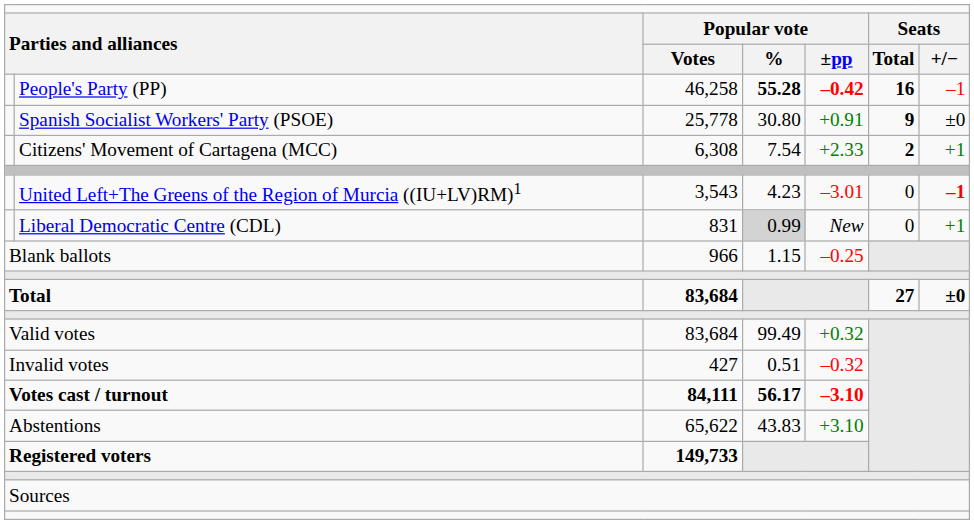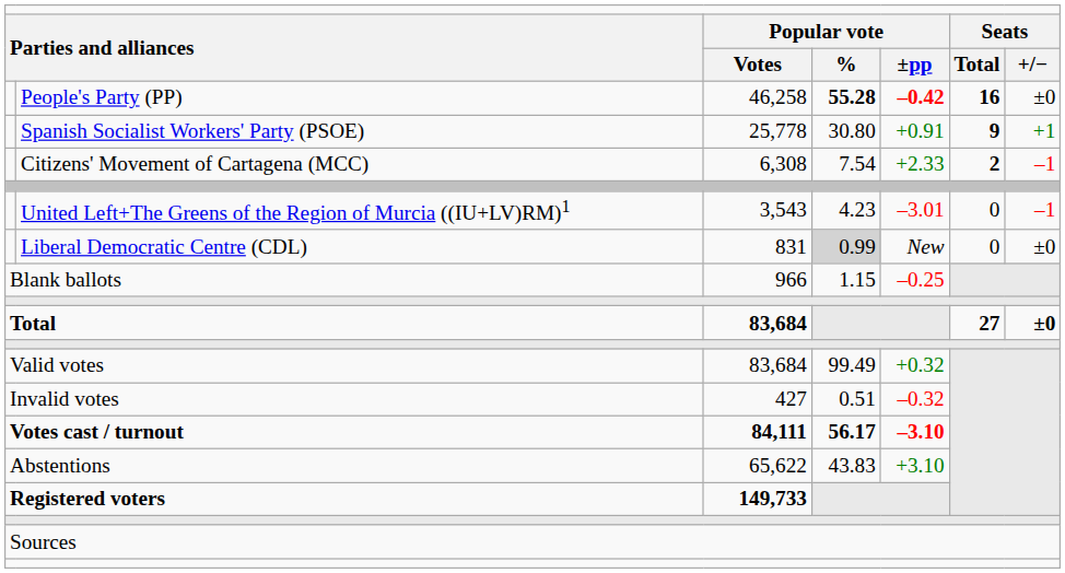 <table class="wikitable" style="text-align:right;">
 <tr>
 <td colspan="7"></td>
 </tr>
 <tr>
 <th style="text-align:left;" rowspan="2" colspan="2" width="525">Parties and alliances</th>
 <th colspan="3">Popular vote</th>
 <th colspan="2">Seats</th>
 </tr>
 <tr>
 <th width="75">Votes</th>
 <th width="45">%</th>
 <th width="45">±<a href='#'>pp</a></th>
 <th width="35">Total</th>
 <th width="35">+/−</th>
 </tr>
 <tr>
 <td width="1" style="color:inherit;background:"></td>
 <td align="left"><a href='#'>People's Party</a> (PP)</td>
 <td>46,258</td>
 <td><strong>55.28</strong></td>
 <td style="color:red;"><strong>–0.42</strong></td>
 <td><strong>16</strong></td>
-<td style="color:red;">–1</td>
+<td>±0</td>
 </tr>
 <tr>
 <td style="color:inherit;background:"></td>
 <td align="left"><a href='#'>Spanish Socialist Workers' Party</a> (PSOE)</td>
 <td>25,778</td>
 <td>30.80</td>
 <td style="color:green;">+0.91</td>
 <td><strong>9</strong></td>
-<td>±0</td>
+<td style="color:green;">+1</td>
 </tr>
 <tr>
 <td style="color:inherit;background:"></td>
 <td align="left">Citizens' Movement of Cartagena (MCC)</td>
 <td>6,308</td>
 <td>7.54</td>
 <td style="color:green;">+2.33</td>
 <td><strong>2</strong></td>
-<td style="color:green;">+1</td>
+<td style="color:red;">–1</td>
 </tr>
 <tr>
 <td colspan="7" bgcolor="#C0C0C0"></td>
 </tr>
 <tr>
 <td style="color:inherit;background:"></td>
 <td align="left"><a href='#'>United Left+The Greens of the Region of Murcia</a> ((IU+LV)RM)<sup>1</sup></td>
 <td>3,543</td>
 <td>4.23</td>
 <td style="color:red;">–3.01</td>
 <td>0</td>
-<td style="color:red;"><strong>–1</strong></td>
+<td style="color:red;">–1</td>
 </tr>
 <tr>
 <td style="color:inherit;background:"></td>
 <td align="left"><a href='#'>Liberal Democratic Centre</a> (CDL)</td>
 <td>831</td>
 <td style="background: lightgrey;">0.99</td>
 <td><em>New</em></td>
 <td>0</td>
-<td style="color:green;">+1</td>
+<td>±0</td>
 </tr>
 <tr>
 <td align="left" colspan="2">Blank ballots</td>
 <td>966</td>
 <td>1.15</td>
 <td style="color:red;">–0.25</td>
 <td bgcolor="#E9E9E9" colspan="2"></td>
 </tr>
 <tr>
 <td colspan="7" bgcolor="#E9E9E9"></td>
 </tr>
 <tr style="font-weight:bold;">
 <td align="left" colspan="2">Total</td>
 <td>83,684</td>
 <td bgcolor="#E9E9E9" colspan="2"></td>
 <td>27</td>
 <td>±0</td>
 </tr>
 <tr>
 <td colspan="7" bgcolor="#E9E9E9"></td>
 </tr>
 <tr>
 <td align="left" colspan="2">Valid votes</td>
 <td>83,684</td>
 <td>99.49</td>
 <td style="color:green;">+0.32</td>
 <td bgcolor="#E9E9E9" colspan="2" rowspan="5"></td>
 </tr>
 <tr>
 <td align="left" colspan="2">Invalid votes</td>
 <td>427</td>
 <td>0.51</td>
 <td style="color:red;">–0.32</td>
 </tr>
 <tr style="font-weight:bold;">
 <td align="left" colspan="2">Votes cast / turnout</td>
 <td>84,111</td>
 <td>56.17</td>
 <td style="color:red;">–3.10</td>
 </tr>
 <tr>
 <td align="left" colspan="2">Abstentions</td>
 <td>65,622</td>
 <td>43.83</td>
 <td style="color:green;">+3.10</td>
 </tr>
 <tr style="font-weight:bold;">
 <td align="left" colspan="2">Registered voters</td>
 <td>149,733</td>
 <td bgcolor="#E9E9E9" colspan="2"></td>
 </tr>
 <tr>
 <td colspan="7" bgcolor="#E9E9E9"></td>
 </tr>
 <tr>
 <td align="left" colspan="7">Sources</td>
 </tr>
 <tr>
 <td colspan="7" style="text-align:left; max-width:790px;"></td>
 </tr>
 </table>
